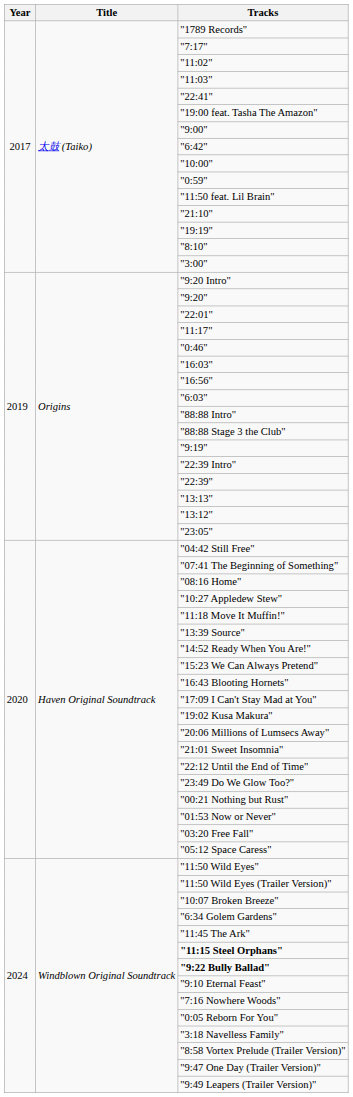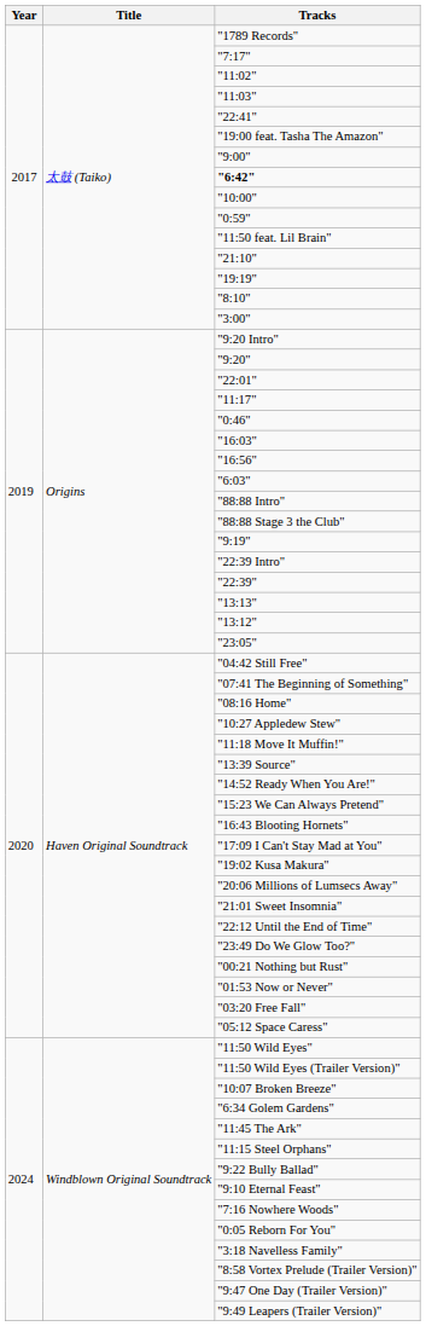 <table class="wikitable">
 <tr>
 <th align="center" valign="top" width="40">Year</th>
 <th align="left" valign="top">Title</th>
 <th align="left" valign="top">Tracks</th>
 </tr>
 <tr>
 <td align="center" valign="center"  rowspan="15">2017</td>
 <td align="left" valign="center"  rowspan="15"><em><a href='#'>太鼓</a> (Taiko)</em></td>
 <td align="left" valign="top">"1789 Records"</td>
 </tr>
 <tr>
 <td align="left" valign="top">"7:17"</td>
 </tr>
 <tr>
 <td align="left" valign="top">"11:02"</td>
 </tr>
 <tr>
 <td align="left" valign="top">"11:03"</td>
 </tr>
 <tr>
 <td align="left" valign="top">"22:41"</td>
 </tr>
 <tr>
 <td align="left" valign="top">"19:00 feat. Tasha The Amazon"</td>
 </tr>
 <tr>
 <td align="left" valign="top">"9:00"</td>
 </tr>
 <tr>
-<td align="left" valign="top">"6:42"</td>
+<td align="left" valign="top"><strong>"6:42"</strong></td>
 </tr>
 <tr>
 <td align="left" valign="top">"10:00"</td>
 </tr>
 <tr>
 <td align="left" valign="top">"0:59"</td>
 </tr>
 <tr>
 <td align="left" valign="top">"11:50 feat. Lil Brain"</td>
 </tr>
 <tr>
 <td align="left" valign="top">"21:10"</td>
 </tr>
 <tr>
 <td align="left" valign="top">"19:19"</td>
 </tr>
 <tr>
 <td align="left" valign="top">"8:10"</td>
 </tr>
 <tr>
 <td align="left" valign="top">"3:00"</td>
 </tr>
 <tr>
 <td rowspan="16">2019</td>
 <td rowspan="16"><em>Origins</em></td>
 <td align="left" valign="top">"9:20 Intro"</td>
 </tr>
 <tr>
 <td>"9:20"</td>
 </tr>
 <tr>
 <td>"22:01"</td>
 </tr>
 <tr>
 <td>"11:17"</td>
 </tr>
 <tr>
 <td>"0:46"</td>
 </tr>
 <tr>
 <td>"16:03"</td>
 </tr>
 <tr>
 <td>"16:56"</td>
 </tr>
 <tr>
 <td>"6:03"</td>
 </tr>
 <tr>
 <td>"88:88 Intro"</td>
 </tr>
 <tr>
 <td>"88:88 Stage 3 the Club"</td>
 </tr>
 <tr>
 <td>"9:19"</td>
 </tr>
 <tr>
 <td>"22:39 Intro"</td>
 </tr>
 <tr>
 <td>"22:39"</td>
 </tr>
 <tr>
 <td>"13:13"</td>
 </tr>
 <tr>
 <td>"13:12"</td>
 </tr>
 <tr>
 <td>"23:05"</td>
 </tr>
 <tr>
 <td rowspan="19">2020</td>
 <td rowspan="19"><em>Haven Original Soundtrack</em></td>
 <td>"04:42 Still Free"</td>
 </tr>
 <tr>
 <td>"07:41 The Beginning of Something"</td>
 </tr>
 <tr>
 <td>"08:16 Home"</td>
 </tr>
 <tr>
 <td>"10:27 Appledew Stew"</td>
 </tr>
 <tr>
 <td>"11:18 Move It Muffin!"</td>
 </tr>
 <tr>
 <td>"13:39 Source"</td>
 </tr>
 <tr>
 <td>"14:52 Ready When You Are!"</td>
 </tr>
 <tr>
 <td>"15:23 We Can Always Pretend"</td>
 </tr>
 <tr>
 <td>"16:43 Blooting Hornets"</td>
 </tr>
 <tr>
 <td>"17:09 I Can't Stay Mad at You"</td>
 </tr>
 <tr>
 <td>"19:02 Kusa Makura"</td>
 </tr>
 <tr>
 <td>"20:06 Millions of Lumsecs Away"</td>
 </tr>
 <tr>
 <td>"21:01 Sweet Insomnia"</td>
 </tr>
 <tr>
 <td>"22:12 Until the End of Time"</td>
 </tr>
 <tr>
 <td>"23:49 Do We Glow Too?"</td>
 </tr>
 <tr>
 <td>"00:21 Nothing but Rust"</td>
 </tr>
 <tr>
 <td>"01:53 Now or Never"</td>
 </tr>
 <tr>
 <td>"03:20 Free Fall"</td>
 </tr>
 <tr>
 <td>"05:12 Space Caress"</td>
 </tr>
 <tr>
 <td rowspan="14">2024</td>
 <td rowspan="14"><em>Windblown Original Soundtrack</em></td>
 <td>"11:50 Wild Eyes"</td>
 </tr>
 <tr>
 <td>"11:50 Wild Eyes (Trailer Version)"</td>
 </tr>
 <tr>
 <td>"10:07 Broken Breeze"</td>
 </tr>
 <tr>
 <td>"6:34 Golem Gardens"</td>
 </tr>
 <tr>
 <td>"11:45 The Ark"</td>
 </tr>
 <tr>
-<td><strong>"11:15 Steel Orphans"</strong></td>
+<td>"11:15 Steel Orphans"</td>
 </tr>
 <tr>
-<td><strong>"9:22 Bully Ballad"</strong></td>
+<td>"9:22 Bully Ballad"</td>
 </tr>
 <tr>
 <td>"9:10 Eternal Feast"</td>
 </tr>
 <tr>
 <td>"7:16 Nowhere Woods"</td>
 </tr>
 <tr>
 <td>"0:05 Reborn For You"</td>
 </tr>
 <tr>
 <td>"3:18 Navelless Family"</td>
 </tr>
 <tr>
 <td>"8:58 Vortex Prelude (Trailer Version)"</td>
 </tr>
 <tr>
 <td>"9:47 One Day (Trailer Version)"</td>
 </tr>
 <tr>
 <td>"9:49 Leapers (Trailer Version)"</td>
 </tr>
 </table>
